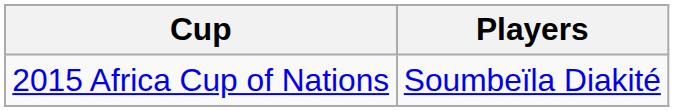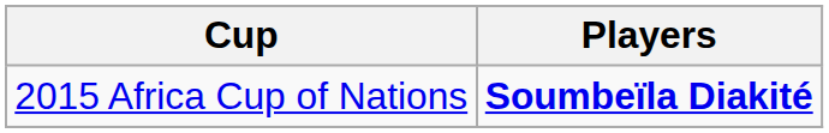 <table class="wikitable" style="text-align: left">
 <tr style="text-align: center">
 <th>Cup</th>
 <th>Players</th>
 </tr>
 <tr>
 <td align="left"> <a href='#'>2015 Africa Cup of Nations</a></td>
-<td> <a href='#'>Soumbeïla Diakité</a></td>
+<td><strong> <a href='#'>Soumbeïla Diakité</a></strong></td>
 </tr>
 <tr>
 </tr>
 </table>
